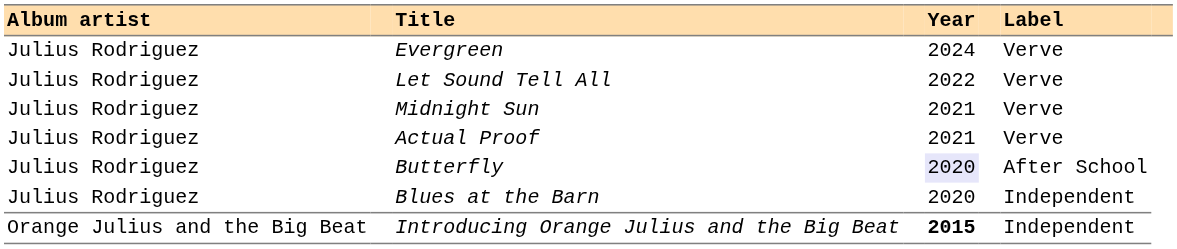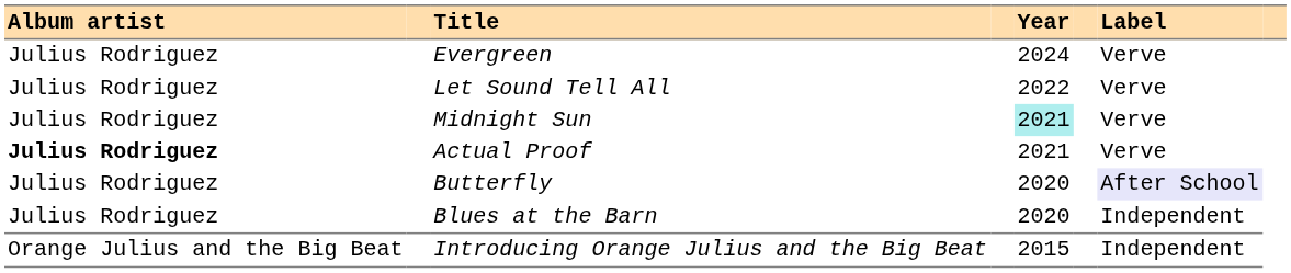 <table cellspacing="0" cellpadding="2" border="0">
 <tr style="background:#ffdead;">
 <th style="text-align:left; border-bottom:1px solid gray; border-top:1px solid gray;">Album artist</th>
 <th style="width:10px; border-bottom:1px solid gray; border-top:1px solid gray;"></th>
 <th style="text-align:left; border-bottom:1px solid gray; border-top:1px solid gray;">Title</th>
 <th style="width:10px; border-bottom:1px solid gray; border-top:1px solid gray;"></th>
 <th style="text-align:left; border-bottom:1px solid gray; border-top:1px solid gray;">Year</th>
 <th style="width:10px; border-bottom:1px solid gray; border-top:1px solid gray;"></th>
 <th style="text-align:left; border-bottom:1px solid gray; border-top:1px solid gray;">Label</th>
 <th style="width:10px; border-bottom:1px solid gray; border-top:1px solid gray;"></th>
 </tr>
 <tr>
 <td>Julius Rodriguez</td>
 <td></td>
 <td><em>Evergreen</em></td>
 <td></td>
 <td>2024</td>
 <td></td>
 <td>Verve</td>
 </tr>
 <tr>
 <td>Julius Rodriguez</td>
 <td></td>
 <td><em>Let Sound Tell All</em></td>
 <td></td>
 <td>2022</td>
 <td></td>
 <td>Verve</td>
 </tr>
 <tr>
 <td>Julius Rodriguez</td>
 <td></td>
 <td><em>Midnight Sun</em></td>
 <td></td>
-<td>2021</td>
+<td style="background: paleturquoise;">2021</td>
 <td></td>
 <td>Verve</td>
 </tr>
 <tr>
-<td>Julius Rodriguez</td>
+<td><strong>Julius Rodriguez</strong></td>
 <td></td>
 <td><em>Actual Proof</em></td>
 <td></td>
 <td>2021</td>
 <td></td>
 <td>Verve</td>
 </tr>
 <tr>
 <td>Julius Rodriguez</td>
 <td></td>
 <td><em>Butterfly</em></td>
 <td></td>
-<td style="background: lavender;">2020</td>
+<td>2020</td>
 <td></td>
-<td>After School</td>
+<td style="background: lavender;">After School</td>
 </tr>
 <tr>
 <td style="border-bottom:1px solid gray;">Julius Rodriguez</td>
 <td style="border-bottom:1px solid gray;"></td>
 <td style="border-bottom:1px solid gray;"><em>Blues at the Barn</em></td>
 <td style="border-bottom:1px solid gray;"></td>
 <td style="border-bottom:1px solid gray;">2020</td>
 <td style="border-bottom:1px solid gray;"></td>
 <td style="border-bottom:1px solid gray;">Independent</td>
 </tr>
 <tr>
 <td style="border-bottom:1px solid gray;">Orange Julius and the Big Beat</td>
 <td style="border-bottom:1px solid gray;"></td>
 <td style="border-bottom:1px solid gray;"><em>Introducing Orange Julius and the Big Beat</em></td>
 <td style="border-bottom:1px solid gray;"></td>
-<td style="border-bottom:1px solid gray;"><strong>2015</strong></td>
+<td style="border-bottom:1px solid gray;">2015</td>
 <td style="border-bottom:1px solid gray;"></td>
 <td style="border-bottom:1px solid gray;">Independent</td>
 </tr>
 <tr>
 </tr>
 </table>
